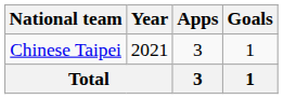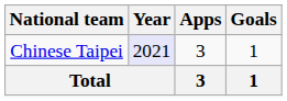 <table class="wikitable" style="text-align:center">
 <tr>
 <th>National team</th>
 <th>Year</th>
 <th>Apps</th>
 <th>Goals</th>
 </tr>
 <tr>
 <td rowspan="1"><a href='#'>Chinese Taipei</a></td>
-<td>2021</td>
+<td style="background: lavender;">2021</td>
 <td>3</td>
 <td>1</td>
 </tr>
 <tr>
 <th colspan=2>Total</th>
 <th>3</th>
 <th>1</th>
 </tr>
 </table>
